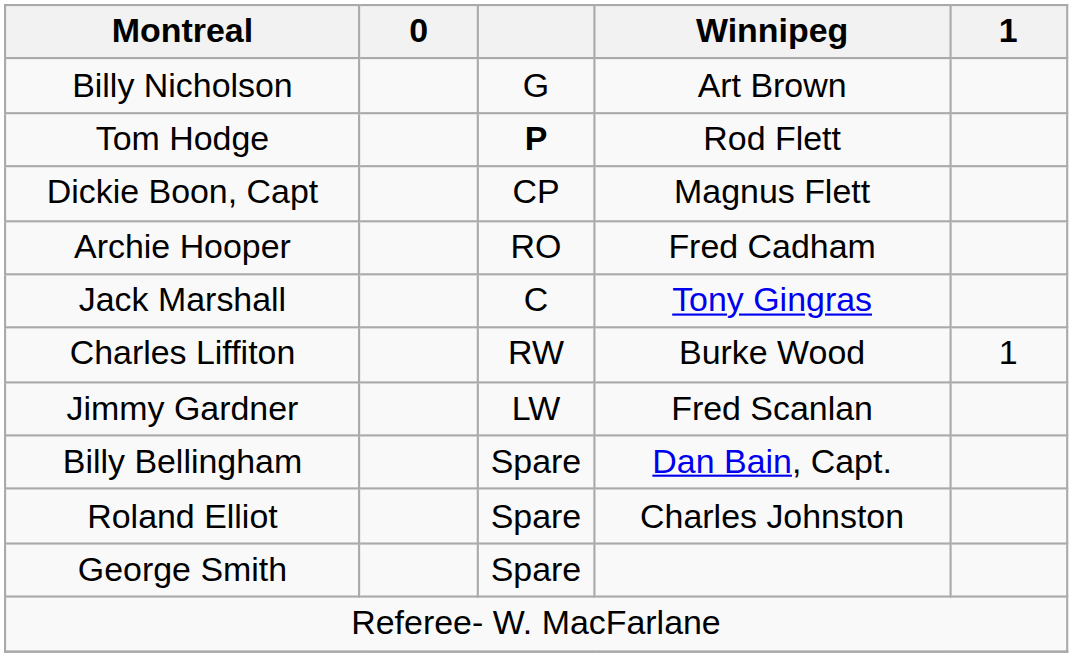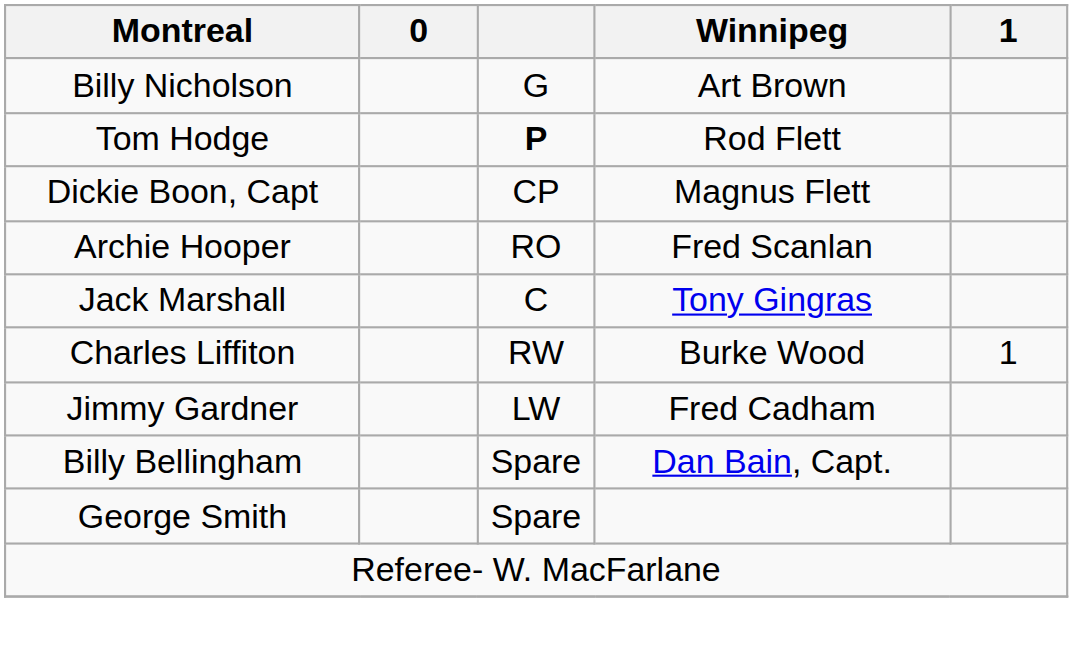 <table class="wikitable" style="text-align:center;">
 <tr>
 <th style="width:10em">Montreal</th>
 <th style="width:3em">0</th>
 <th style="width:3em"></th>
 <th style="width:10em">Winnipeg</th>
 <th style="width:3em">1</th>
 </tr>
 <tr>
 <td>Billy Nicholson</td>
 <td></td>
 <td>G</td>
 <td>Art Brown</td>
 <td></td>
 </tr>
 <tr>
 <td>Tom Hodge</td>
 <td></td>
 <td><strong>P</strong></td>
 <td>Rod Flett</td>
 <td></td>
 </tr>
 <tr>
 <td>Dickie Boon, Capt</td>
 <td></td>
 <td>CP</td>
 <td>Magnus Flett</td>
 <td></td>
 </tr>
 <tr>
 <td>Archie Hooper</td>
 <td></td>
 <td>RO</td>
-<td>Fred Cadham</td>
+<td>Fred Scanlan</td>
 <td></td>
 </tr>
 <tr>
 <td>Jack Marshall</td>
 <td></td>
 <td>C</td>
 <td><a href='#'>Tony Gingras</a></td>
 <td></td>
 </tr>
 <tr>
 <td>Charles Liffiton</td>
 <td></td>
 <td>RW</td>
 <td>Burke Wood</td>
 <td>1</td>
 </tr>
 <tr>
 <td>Jimmy Gardner</td>
 <td></td>
 <td align=center>LW</td>
-<td>Fred Scanlan</td>
+<td>Fred Cadham</td>
 <td></td>
 </tr>
 <tr>
 <td>Billy Bellingham</td>
 <td></td>
 <td>Spare</td>
 <td><a href='#'>Dan Bain</a>, Capt.</td>
-<td></td>
-</tr>
-<tr>
-<td>Roland Elliot</td>
-<td></td>
-<td>Spare</td>
-<td>Charles Johnston</td>
 <td></td>
 </tr>
 <tr>
 <td>George Smith</td>
 <td></td>
 <td>Spare</td>
 <td></td>
 <td></td>
 </tr>
 <tr>
 <td colspan="5">Referee- W. MacFarlane</td>
 </tr>
 <tr>
 </tr>
 </table>
